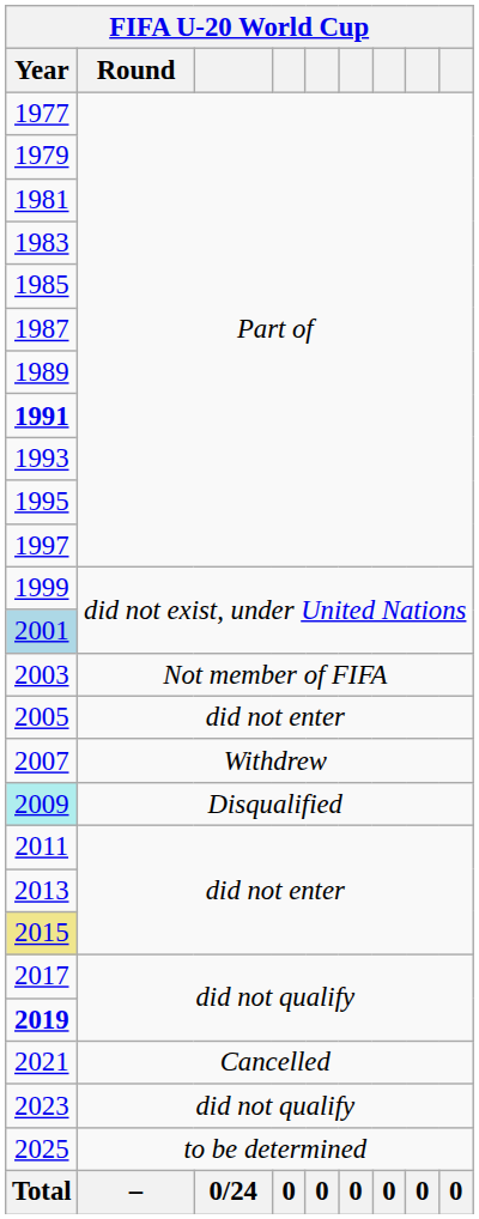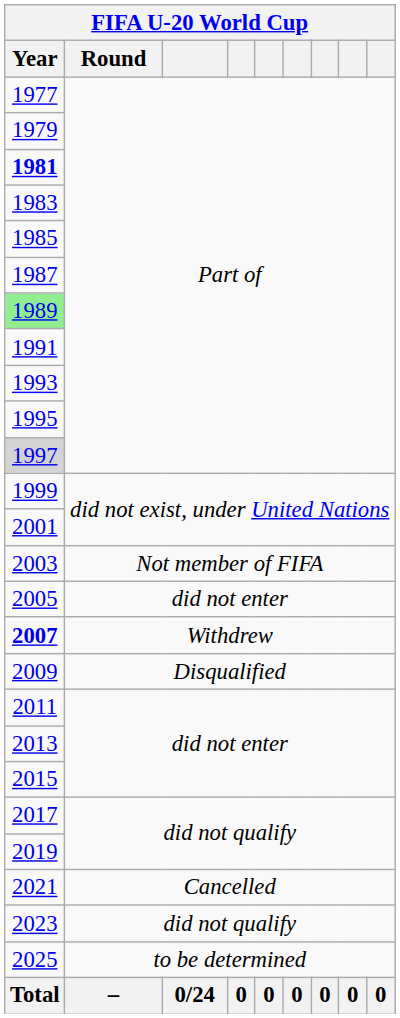 <table class="wikitable" style="text-align:center;">
 <tr>
 <th colspan="9"><a href='#'>FIFA U-20 World Cup</a></th>
 </tr>
 <tr>
 <th>Year</th>
 <th>Round</th>
 <th></th>
 <th></th>
 <th></th>
 <th></th>
 <th></th>
 <th></th>
 <th></th>
 </tr>
 <tr>
 <td> <a href='#'>1977</a></td>
 <td rowspan=11 colspan=8><em>Part of </em></td>
 </tr>
 <tr>
 <td> <a href='#'>1979</a></td>
 </tr>
 <tr>
-<td> <a href='#'>1981</a></td>
+<td><strong> <a href='#'>1981</a></strong></td>
 </tr>
 <tr>
 <td> <a href='#'>1983</a></td>
 </tr>
 <tr>
 <td> <a href='#'>1985</a></td>
 </tr>
 <tr>
 <td> <a href='#'>1987</a></td>
 </tr>
 <tr>
-<td> <a href='#'>1989</a></td>
+<td style="background: lightgreen;"> <a href='#'>1989</a></td>
 </tr>
 <tr>
-<td><strong> <a href='#'>1991</a></strong></td>
+<td> <a href='#'>1991</a></td>
 </tr>
 <tr>
 <td> <a href='#'>1993</a></td>
 </tr>
 <tr>
 <td> <a href='#'>1995</a></td>
 </tr>
 <tr>
-<td> <a href='#'>1997</a></td>
+<td style="background: lightgrey;"> <a href='#'>1997</a></td>
 </tr>
 <tr>
 <td> <a href='#'>1999</a></td>
 <td colspan=8 rowspan=2><em>did not exist, under <a href='#'>United Nations</a></em></td>
 </tr>
 <tr>
-<td style="background: lightblue;"> <a href='#'>2001</a></td>
+<td> <a href='#'>2001</a></td>
 </tr>
 <tr>
 <td> <a href='#'>2003</a></td>
 <td colspan=8><em>Not member of FIFA</em></td>
 </tr>
 <tr>
 <td> <a href='#'>2005</a></td>
 <td colspan=8><em>did not enter</em></td>
 </tr>
 <tr>
-<td> <a href='#'>2007</a></td>
+<td><strong> <a href='#'>2007</a></strong></td>
 <td colspan=8><em>Withdrew</em></td>
 </tr>
 <tr>
-<td style="background: paleturquoise;"> <a href='#'>2009</a></td>
+<td> <a href='#'>2009</a></td>
 <td colspan=8><em>Disqualified</em></td>
 </tr>
 <tr>
 <td> <a href='#'>2011</a></td>
 <td colspan=8 rowspan=3><em>did not enter</em></td>
 </tr>
 <tr>
 <td> <a href='#'>2013</a></td>
 </tr>
 <tr>
-<td style="background: khaki;"> <a href='#'>2015</a></td>
+<td> <a href='#'>2015</a></td>
 </tr>
 <tr>
 <td> <a href='#'>2017</a></td>
 <td colspan=8 rowspan=2><em>did not qualify</em></td>
 </tr>
 <tr>
-<td><strong> <a href='#'>2019</a></strong></td>
+<td> <a href='#'>2019</a></td>
 </tr>
 <tr>
 <td> <a href='#'>2021</a></td>
 <td colspan=8><em>Cancelled</em></td>
 </tr>
 <tr>
 <td> <a href='#'>2023</a></td>
 <td colspan=8><em>did not qualify</em></td>
 </tr>
 <tr>
 <td> <a href='#'>2025</a></td>
 <td colspan=8><em>to be determined</em></td>
 </tr>
 <tr>
 <th><strong>Total</strong></th>
 <th>–</th>
 <th><strong>0/24</strong></th>
 <th><strong>0</strong></th>
 <th><strong>0</strong></th>
 <th><strong>0</strong></th>
 <th><strong>0</strong></th>
 <th><strong>0</strong></th>
 <th><strong>0</strong></th>
 </tr>
 </table>
